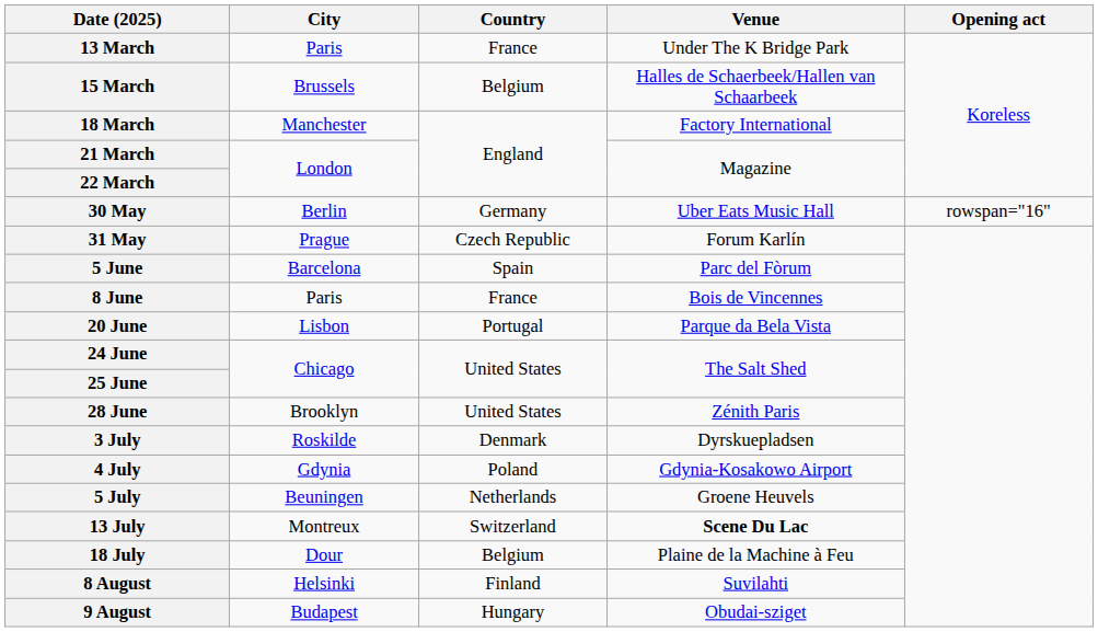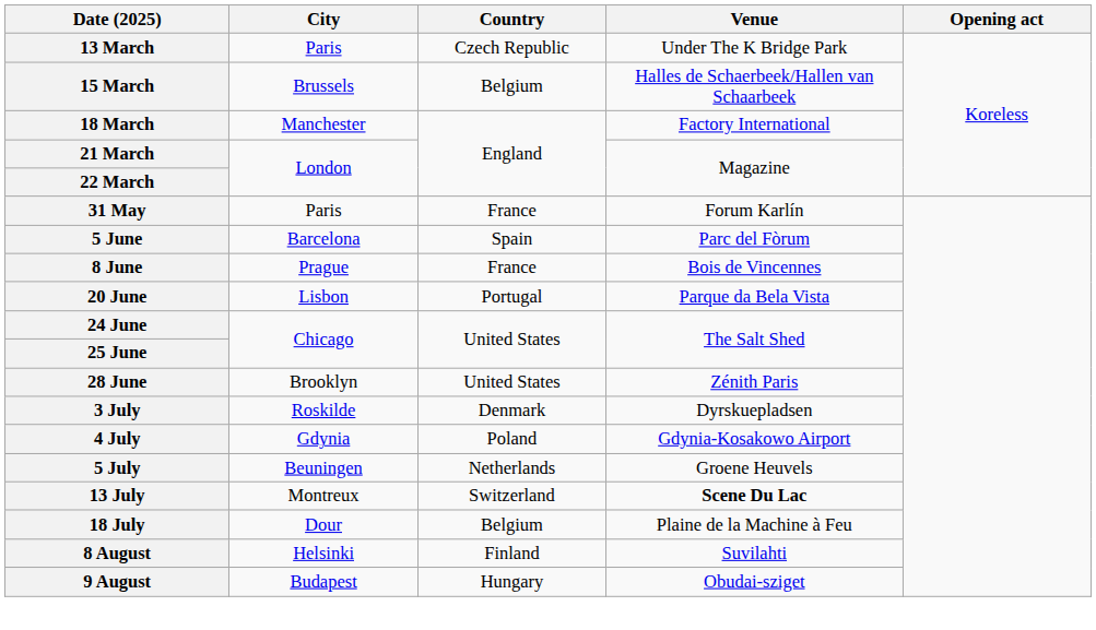 <table class="wikitable plainrowheaders" style="text-align:center;">
 <tr>
 <th scope="col" style="width:12em;">Date (2025)</th>
 <th scope="col" style="width:10em;">City</th>
 <th scope="col" style="width:10em;">Country</th>
 <th scope="col" style="width:16em;">Venue</th>
 <th scope="col" style="width:10em;">Opening act</th>
 </tr>
 <tr>
 <th scope="row" style="text-align:center;">13 March</th>
 <td><a href='#'>Paris</a></td>
-<td>France</td>
+<td>Czech Republic</td>
 <td>Under The K Bridge Park</td>
 <td rowspan="5"><a href='#'>Koreless</a></td>
 </tr>
 <tr>
 <th scope="row" style="text-align:center;">15 March</th>
 <td><a href='#'>Brussels</a></td>
 <td>Belgium</td>
 <td><a href='#'>Halles de Schaerbeek/Hallen van Schaarbeek</a></td>
 </tr>
 <tr>
 <th scope="row" style="text-align:center;">18 March</th>
 <td><a href='#'>Manchester</a></td>
 <td rowspan="3">England</td>
 <td><a href='#'>Factory International</a></td>
 </tr>
 <tr>
 <th scope="row" style="text-align:center;">21 March</th>
 <td rowspan="2"><a href='#'>London</a></td>
 <td rowspan="2">Magazine</td>
 </tr>
 <tr>
 <th scope="row" style="text-align:center;">22 March</th>
 </tr>
 <tr>
-<th scope="row" style="text-align:center;">30 May</th>
-<td><a href='#'>Berlin</a></td>
-<td>Germany</td>
-<td><a href='#'>Uber Eats Music Hall</a></td>
-<td>rowspan="16" </td>
-</tr>
-<tr>
 <th scope="row" style="text-align:center;">31 May</th>
-<td><a href='#'>Prague</a></td>
-<td>Czech Republic</td>
+<td>Paris</td>
+<td>France</td>
 <td>Forum Karlín</td>
 </tr>
 <tr>
 <th scope="row" style="text-align:center;">5 June</th>
 <td><a href='#'>Barcelona</a></td>
 <td>Spain</td>
 <td><a href='#'>Parc del Fòrum</a></td>
 </tr>
 <tr>
 <th scope="row" style="text-align:center;">8 June</th>
-<td>Paris</td>
+<td><a href='#'>Prague</a></td>
 <td>France</td>
 <td><a href='#'>Bois de Vincennes</a></td>
 </tr>
 <tr>
 <th scope="row" style="text-align:center;">20 June</th>
 <td><a href='#'>Lisbon</a></td>
 <td>Portugal</td>
 <td><a href='#'>Parque da Bela Vista</a></td>
 </tr>
 <tr>
 <th scope="row" style="text-align:center;">24 June</th>
 <td rowspan="2"><a href='#'>Chicago</a></td>
 <td rowspan="2">United States</td>
 <td rowspan="2"><a href='#'>The Salt Shed</a></td>
 </tr>
 <tr>
 <th scope="row" style="text-align:center;">25 June</th>
 </tr>
 <tr>
 <th>28 June</th>
 <td>Brooklyn</td>
 <td>United States</td>
 <td><a href='#'>Zénith Paris</a></td>
 </tr>
 <tr>
 <th scope="row" style="text-align:center;">3 July</th>
 <td><a href='#'>Roskilde</a></td>
 <td>Denmark</td>
 <td>Dyrskuepladsen</td>
 </tr>
 <tr>
 <th scope="row" style="text-align:center;">4 July</th>
 <td><a href='#'>Gdynia</a></td>
 <td>Poland</td>
 <td><a href='#'>Gdynia-Kosakowo Airport</a></td>
 </tr>
 <tr>
 <th scope="row" style="text-align:center;">5 July</th>
 <td><a href='#'>Beuningen</a></td>
 <td>Netherlands</td>
 <td>Groene Heuvels</td>
 </tr>
 <tr>
 <th>13 July</th>
 <td>Montreux</td>
 <td>Switzerland</td>
 <td><strong>Scene Du Lac</strong></td>
 </tr>
 <tr>
 <th scope="row" style="text-align:center;">18 July</th>
 <td><a href='#'>Dour</a></td>
 <td>Belgium</td>
 <td>Plaine de la Machine à Feu</td>
 </tr>
 <tr>
 <th scope="row" style="text-align:center;">8 August</th>
 <td><a href='#'>Helsinki</a></td>
 <td>Finland</td>
 <td><a href='#'>Suvilahti</a></td>
 </tr>
 <tr>
 <th scope="row" style="text-align:center;">9 August</th>
 <td><a href='#'>Budapest</a></td>
 <td>Hungary</td>
 <td><a href='#'>Obudai-sziget</a></td>
 </tr>
 </table>
